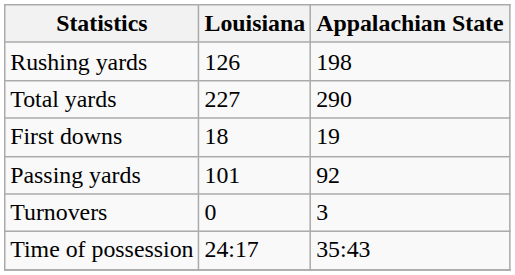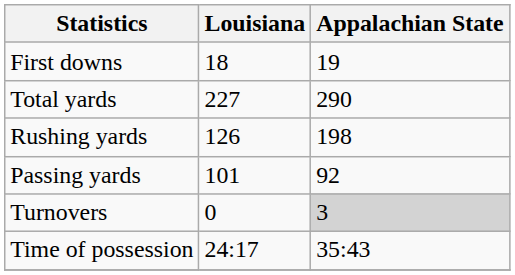 <table class="wikitable">
 <tr>
 <th>Statistics</th>
 <th>Louisiana</th>
 <th>Appalachian State</th>
 </tr>
 <tr>
-<td>Rushing yards</td>
-<td>126</td>
-<td>198</td>
+<td>First downs</td>
+<td>18</td>
+<td>19</td>
 </tr>
 <tr>
 <td>Total yards</td>
 <td>227</td>
 <td>290</td>
 </tr>
 <tr>
-<td>First downs</td>
-<td>18</td>
-<td>19</td>
+<td>Rushing yards</td>
+<td>126</td>
+<td>198</td>
 </tr>
 <tr>
 <td>Passing yards</td>
 <td>101</td>
 <td>92</td>
 </tr>
 <tr>
 <td>Turnovers</td>
 <td>0</td>
-<td>3</td>
+<td style="background: lightgrey;">3</td>
 </tr>
 <tr>
 <td>Time of possession</td>
 <td>24:17</td>
 <td>35:43</td>
 </tr>
 <tr>
 </tr>
 </table>
